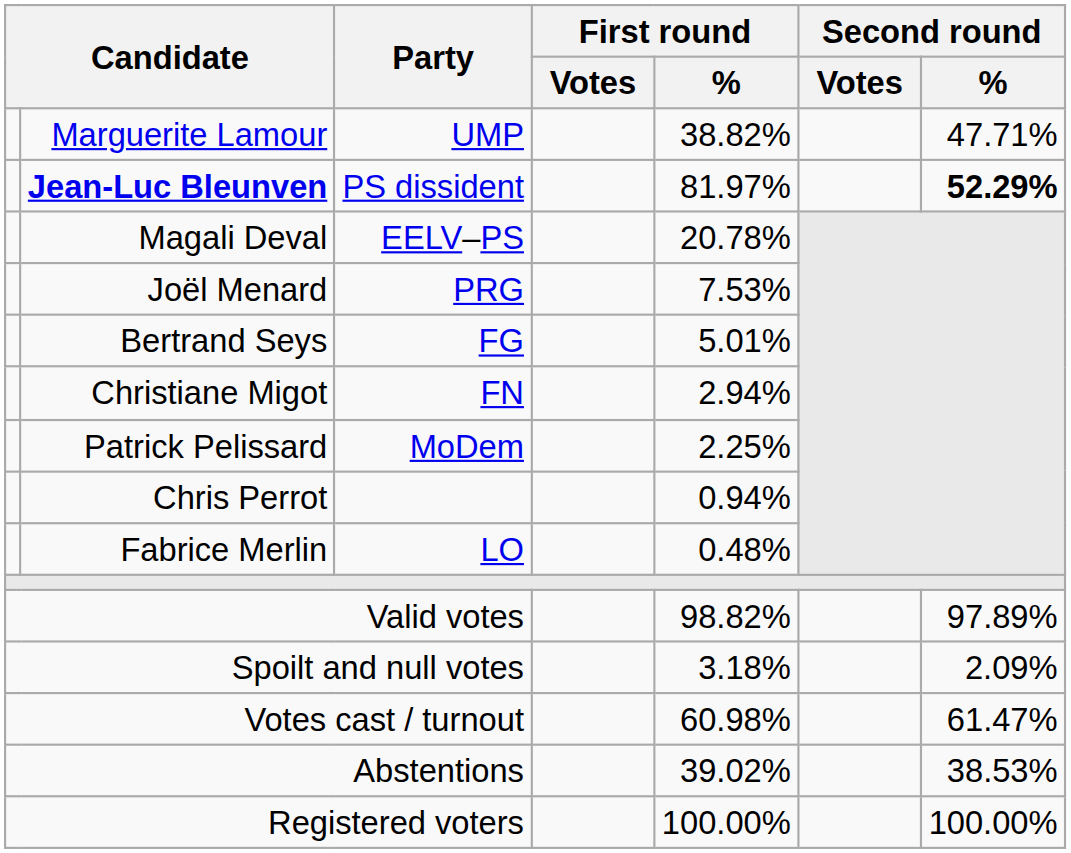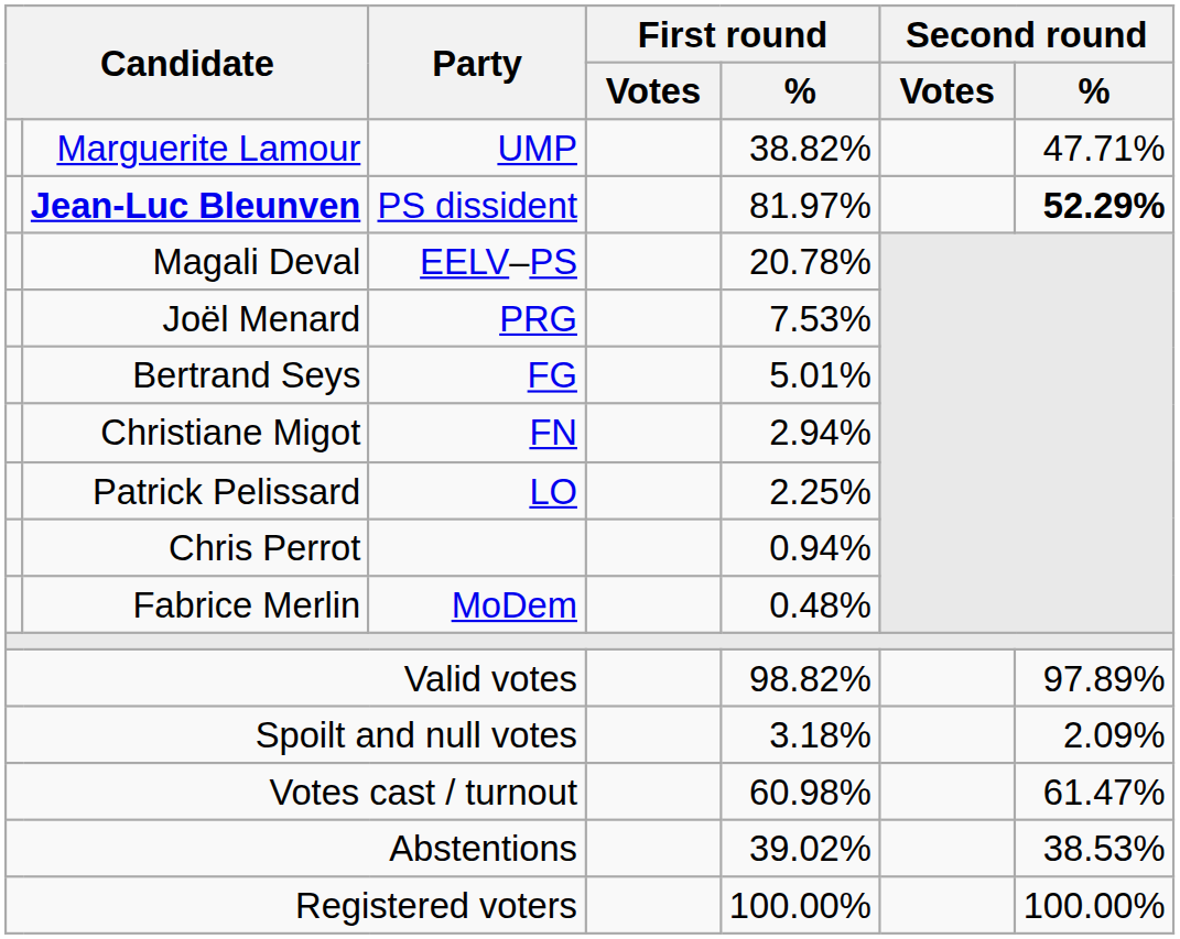 <table class="wikitable" style="text-align:right;font-size:95%;">
 <tr>
 <th rowspan=2 colspan=2>Candidate</th>
 <th rowspan=2 colspan=1>Party</th>
 <th colspan=2>First round</th>
 <th colspan=2>Second round</th>
 </tr>
 <tr>
 <th style="width:50px;">Votes</th>
 <th style="width:55px;">%</th>
 <th style="width:50px;">Votes</th>
 <th style="width:55px;">%</th>
 </tr>
 <tr>
 <td style="color:inherit;background-color:"></td>
 <td><a href='#'>Marguerite Lamour</a></td>
 <td><a href='#'>UMP</a></td>
 <td></td>
 <td>38.82%</td>
 <td></td>
 <td>47.71%</td>
 </tr>
 <tr>
 <td style="color:inherit;background-color:"></td>
 <td><strong><a href='#'>Jean-Luc Bleunven</a></strong></td>
 <td><a href='#'>PS dissident</a></td>
 <td></td>
 <td>81.97%</td>
 <td><strong></strong></td>
 <td><strong>52.29%</strong></td>
 </tr>
 <tr>
 <td style="color:inherit;background-color:"></td>
 <td>Magali Deval</td>
 <td><a href='#'>EELV</a>–<a href='#'>PS</a></td>
 <td></td>
 <td>20.78%</td>
 <td colspan=7 rowspan=7 style="background-color:#E9E9E9;"></td>
 </tr>
 <tr>
 <td style="color:inherit;background-color:"></td>
 <td>Joël Menard</td>
 <td><a href='#'>PRG</a></td>
 <td></td>
 <td>7.53%</td>
 </tr>
 <tr>
 <td style="color:inherit;background-color:"></td>
 <td>Bertrand Seys</td>
 <td><a href='#'>FG</a></td>
 <td></td>
 <td>5.01%</td>
 </tr>
 <tr>
 <td style="color:inherit;background-color:"></td>
 <td>Christiane Migot</td>
 <td><a href='#'>FN</a></td>
 <td></td>
 <td>2.94%</td>
 </tr>
 <tr>
 <td style="color:inherit;background-color:"></td>
 <td>Patrick Pelissard</td>
-<td><a href='#'>MoDem</a></td>
+<td><a href='#'>LO</a></td>
 <td></td>
 <td>2.25%</td>
 </tr>
 <tr>
 <td style="background-color:;"></td>
 <td>Chris Perrot</td>
 <td></td>
 <td></td>
 <td>0.94%</td>
 </tr>
 <tr>
 <td style="color:inherit;background-color:"></td>
 <td>Fabrice Merlin</td>
-<td><a href='#'>LO</a></td>
+<td><a href='#'>MoDem</a></td>
 <td></td>
 <td>0.48%</td>
 </tr>
 <tr>
 <td colspan=7 style="background-color:#E9E9E9;"></td>
 </tr>
 <tr>
 <td colspan=3>Valid votes</td>
 <td></td>
 <td>98.82%</td>
 <td></td>
 <td>97.89%</td>
 </tr>
 <tr>
 <td colspan=3>Spoilt and null votes</td>
 <td></td>
 <td>3.18%</td>
 <td></td>
 <td>2.09%</td>
 </tr>
 <tr>
 <td colspan=3>Votes cast / turnout</td>
 <td></td>
 <td>60.98%</td>
 <td></td>
 <td>61.47%</td>
 </tr>
 <tr>
 <td colspan=3>Abstentions</td>
 <td></td>
 <td>39.02%</td>
 <td></td>
 <td>38.53%</td>
 </tr>
 <tr>
 <td colspan=3>Registered voters</td>
 <td></td>
 <td>100.00%</td>
 <td></td>
 <td>100.00%</td>
 </tr>
 </table>
